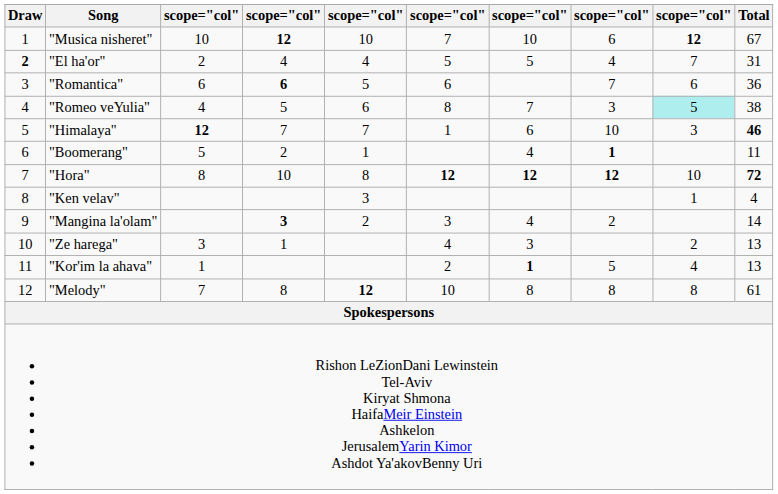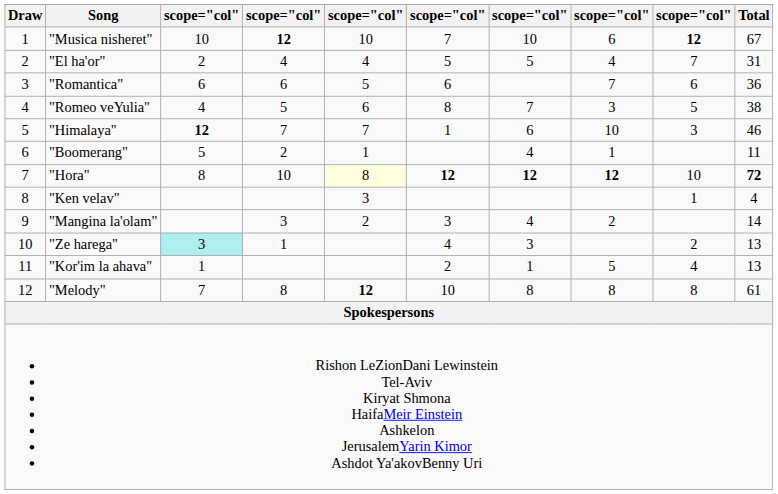 <table class="wikitable plainrowheaders" style="margin: 1em auto 1em auto; text-align:center;">
 <tr>
 </tr>
 <tr>
 <th scope="col">Draw</th>
 <th scope="col">Song</th>
 <th>scope="col" </th>
 <th>scope="col" </th>
 <th>scope="col" </th>
 <th>scope="col" </th>
 <th>scope="col" </th>
 <th>scope="col" </th>
 <th>scope="col" </th>
 <th scope="col">Total</th>
 </tr>
 <tr>
 <td>1</td>
 <td align="left">"Musica nisheret"</td>
 <td style="text-align:center">10</td>
 <td style="text-align:center"><strong>12</strong></td>
 <td style="text-align:center">10</td>
 <td style="text-align:center">7</td>
 <td style="text-align:center">10</td>
 <td style="text-align:center">6</td>
 <td style="text-align:center"><strong>12</strong></td>
 <td style="text-align:center">67</td>
 </tr>
 <tr>
-<td><strong>2</strong></td>
+<td>2</td>
 <td align="left">"El ha'or"</td>
 <td style="text-align:center">2</td>
 <td style="text-align:center">4</td>
 <td style="text-align:center">4</td>
 <td style="text-align:center">5</td>
 <td style="text-align:center">5</td>
 <td style="text-align:center">4</td>
 <td style="text-align:center">7</td>
 <td style="text-align:center">31</td>
 </tr>
 <tr>
 <td>3</td>
 <td align="left">"Romantica"</td>
 <td style="text-align:center">6</td>
-<td style="text-align:center"><strong>6</strong></td>
+<td style="text-align:center">6</td>
 <td style="text-align:center">5</td>
 <td style="text-align:center">6</td>
 <td style="text-align:center"></td>
 <td style="text-align:center">7</td>
 <td style="text-align:center">6</td>
 <td style="text-align:center">36</td>
 </tr>
 <tr>
 <td>4</td>
 <td align="left">"Romeo veYulia"</td>
 <td style="text-align:center">4</td>
 <td style="text-align:center">5</td>
 <td style="text-align:center">6</td>
 <td style="text-align:center">8</td>
 <td style="text-align:center">7</td>
 <td style="text-align:center">3</td>
-<td style="background: paleturquoise; text-align:center">5</td>
+<td style="text-align:center">5</td>
 <td style="text-align:center">38</td>
 </tr>
 <tr>
 <td>5</td>
 <td align="left">"Himalaya"</td>
 <td style="text-align:center"><strong>12</strong></td>
 <td style="text-align:center">7</td>
 <td style="text-align:center">7</td>
 <td style="text-align:center">1</td>
 <td style="text-align:center">6</td>
 <td style="text-align:center">10</td>
 <td style="text-align:center">3</td>
-<td style="text-align:center"><strong>46</strong></td>
+<td style="text-align:center">46</td>
 </tr>
 <tr>
 <td>6</td>
 <td align="left">"Boomerang"</td>
 <td style="text-align:center">5</td>
 <td style="text-align:center">2</td>
 <td style="text-align:center">1</td>
 <td style="text-align:center"></td>
 <td style="text-align:center">4</td>
-<td style="text-align:center"><strong>1</strong></td>
+<td style="text-align:center">1</td>
 <td style="text-align:center"></td>
 <td style="text-align:center">11</td>
 </tr>
 <tr>
 <td>7</td>
 <td align="left">"Hora"</td>
 <td style="text-align:center">8</td>
 <td style="text-align:center">10</td>
-<td style="text-align:center">8</td>
+<td style="background: lightyellow; text-align:center">8</td>
 <td style="text-align:center"><strong>12</strong></td>
 <td style="text-align:center"><strong>12</strong></td>
 <td style="text-align:center"><strong>12</strong></td>
 <td style="text-align:center">10</td>
 <td style="text-align:center"><strong>72</strong></td>
 </tr>
 <tr>
 <td>8</td>
 <td align="left">"Ken velav"</td>
 <td style="text-align:center"></td>
 <td style="text-align:center"></td>
 <td style="text-align:center">3</td>
 <td style="text-align:center"></td>
 <td style="text-align:center"></td>
 <td style="text-align:center"></td>
 <td style="text-align:center">1</td>
 <td style="text-align:center">4</td>
 </tr>
 <tr>
 <td>9</td>
 <td align="left">"Mangina la'olam"</td>
 <td style="text-align:center"></td>
-<td style="text-align:center"><strong>3</strong></td>
+<td style="text-align:center">3</td>
 <td style="text-align:center">2</td>
 <td style="text-align:center">3</td>
 <td style="text-align:center">4</td>
 <td style="text-align:center">2</td>
 <td style="text-align:center"></td>
 <td style="text-align:center">14</td>
 </tr>
 <tr>
 <td>10</td>
 <td align="left">"Ze harega"</td>
-<td style="text-align:center">3</td>
+<td style="background: paleturquoise; text-align:center">3</td>
 <td style="text-align:center">1</td>
 <td style="text-align:center"></td>
 <td style="text-align:center">4</td>
 <td style="text-align:center">3</td>
 <td style="text-align:center"></td>
 <td style="text-align:center">2</td>
 <td style="text-align:center">13</td>
 </tr>
 <tr>
 <td>11</td>
 <td align="left">"Kor'im la ahava"</td>
 <td style="text-align:center">1</td>
 <td style="text-align:center"></td>
 <td style="text-align:center"></td>
 <td style="text-align:center">2</td>
-<td style="text-align:center"><strong>1</strong></td>
+<td style="text-align:center">1</td>
 <td style="text-align:center">5</td>
 <td style="text-align:center">4</td>
 <td style="text-align:center">13</td>
 </tr>
 <tr>
 <td>12</td>
 <td align="left">"Melody"</td>
 <td style="text-align:center">7</td>
 <td style="text-align:center">8</td>
 <td style="text-align:center"><strong>12</strong></td>
 <td style="text-align:center">10</td>
 <td style="text-align:center">8</td>
 <td style="text-align:center">8</td>
 <td style="text-align:center">8</td>
 <td style="text-align:center">61</td>
 </tr>
 <tr>
 <th colspan="10">Spokespersons</th>
 </tr>
 <tr>
 <td colspan="10"><br><ul><li>Rishon LeZionDani Lewinstein</li><li>Tel-Aviv</li><li>Kiryat Shmona</li><li>Haifa<a href='#'>Meir Einstein</a></li><li>Ashkelon</li><li>Jerusalem<a href='#'>Yarin Kimor</a></li><li>Ashdot Ya'akovBenny Uri</li></ul></td>
 </tr>
 </table>
